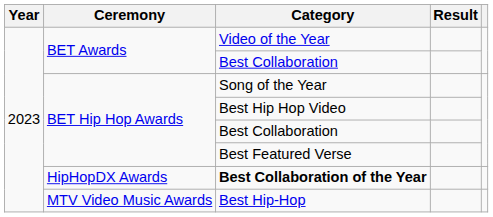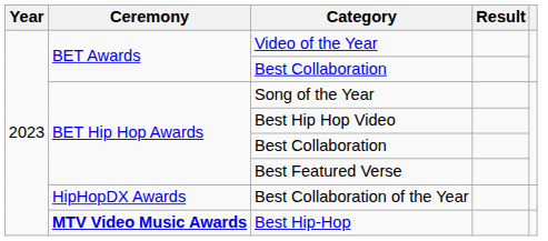 <table class="wikitable sortable plainrowheaders">
 <tr>
 <th scope="col">Year</th>
 <th scope="col">Ceremony</th>
 <th scope="col">Category</th>
 <th scope="col">Result</th>
 <th scope="col" class="unsortable"></th>
 </tr>
 <tr>
 <td rowspan=8>2023</td>
 <td rowspan=2><a href='#'>BET Awards</a></td>
 <td><a href='#'>Video of the Year</a></td>
 <td></td>
 <td style="text-align:center;" rowspan=2></td>
 </tr>
 <tr>
 <td><a href='#'>Best Collaboration</a></td>
 <td></td>
 </tr>
 <tr>
 <td rowspan=4><a href='#'>BET Hip Hop Awards</a></td>
 <td>Song of the Year</td>
 <td></td>
 <td rowspan=4 style="text-align:center"></td>
 </tr>
 <tr>
 <td>Best Hip Hop Video</td>
 <td></td>
 </tr>
 <tr>
 <td>Best Collaboration</td>
 <td></td>
 </tr>
 <tr>
 <td>Best Featured Verse</td>
 <td></td>
 </tr>
 <tr>
 <td><a href='#'>HipHopDX Awards</a></td>
-<td><strong>Best Collaboration of the Year</strong></td>
+<td>Best Collaboration of the Year</td>
 <td></td>
 <td style="text-align:center;"></td>
 </tr>
 <tr>
-<td><a href='#'>MTV Video Music Awards</a></td>
+<td><strong><a href='#'>MTV Video Music Awards</a></strong></td>
 <td><a href='#'>Best Hip-Hop</a></td>
 <td></td>
 <td style="text-align:center;"></td>
 </tr>
 </table>
